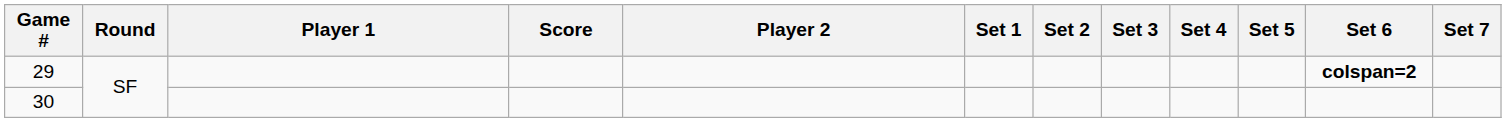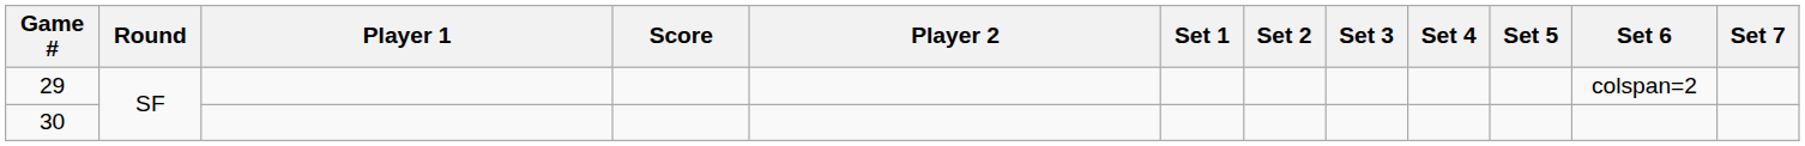 <table class="wikitable">
 <tr>
 <th width="2%">Game #</th>
 <th width="2%">Round</th>
 <th width="15%">Player 1</th>
 <th width="5%">Score</th>
 <th width="15%">Player 2</th>
 <th width="3%">Set 1</th>
 <th width="3%">Set 2</th>
 <th width="3%">Set 3</th>
 <th width="3%">Set 4</th>
 <th width="3%">Set 5</th>
 <th width="3%">Set 6</th>
 <th width="3%">Set 7</th>
 </tr>
 <tr style=text-align:center;>
 <td>29</td>
 <td rowspan=2>SF</td>
 <td><strong></strong></td>
 <td></td>
 <td></td>
 <td></td>
 <td></td>
 <td></td>
 <td></td>
 <td></td>
-<td><strong>colspan=2</strong></td>
+<td>colspan=2</td>
 </tr>
 <tr style=text-align:center;>
 <td>30</td>
 <td><strong></strong></td>
 <td></td>
 <td></td>
 <td></td>
 <td></td>
 <td></td>
 <td></td>
 <td></td>
 <td></td>
 <td></td>
 </tr>
 </table>
